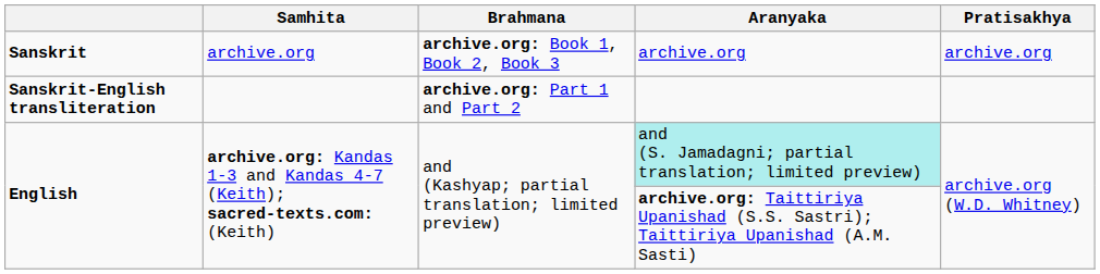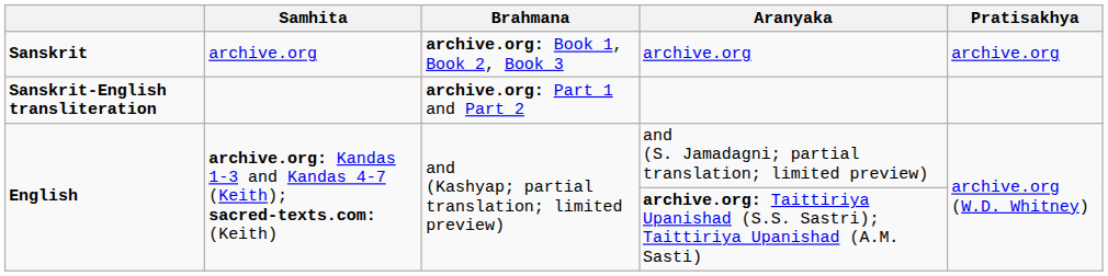 <table class="wikitable">
 <tr>
 <th></th>
 <th>Samhita</th>
 <th>Brahmana</th>
 <th>Aranyaka</th>
 <th><strong>Pratisakhya</strong></th>
 </tr>
 <tr>
 <td><strong>Sanskrit</strong></td>
 <td><a href='#'>archive.org</a></td>
 <td><strong>archive.org:</strong> <a href='#'>Book 1</a>, <a href='#'>Book 2</a>, <a href='#'>Book 3</a></td>
 <td><a href='#'>archive.org</a></td>
 <td><a href='#'>archive.org</a></td>
 </tr>
 <tr>
 <td><strong>Sanskrit-English transliteration</strong></td>
 <td></td>
 <td><strong>archive.org:</strong> <a href='#'>Part 1</a> and <a href='#'>Part 2</a></td>
 <td></td>
 <td></td>
 </tr>
 <tr>
 <td rowspan="2"><strong>English</strong></td>
 <td rowspan="2"><strong>archive.org:</strong> <a href='#'>Kandas 1-3</a> and <a href='#'>Kandas 4-7</a> (<a href='#'>Keith</a>);<br><strong>sacred-texts.com:</strong>  (Keith)</td>
 <td rowspan="2"> and <br>(Kashyap; partial translation; limited preview)</td>
-<td style="background: paleturquoise;"> and <br>(S. Jamadagni; partial translation; limited preview)</td>
+<td> and <br>(S. Jamadagni; partial translation; limited preview)</td>
 <td rowspan="2"><a href='#'>archive.org</a> (<a href='#'>W.D. Whitney</a>)</td>
 </tr>
 <tr>
 <td><strong>archive.org:</strong> <a href='#'>Taittiriya Upanishad</a> (S.S. Sastri);  <a href='#'>Taittiriya Upanishad</a> (A.M. Sasti)</td>
 </tr>
 </table>
